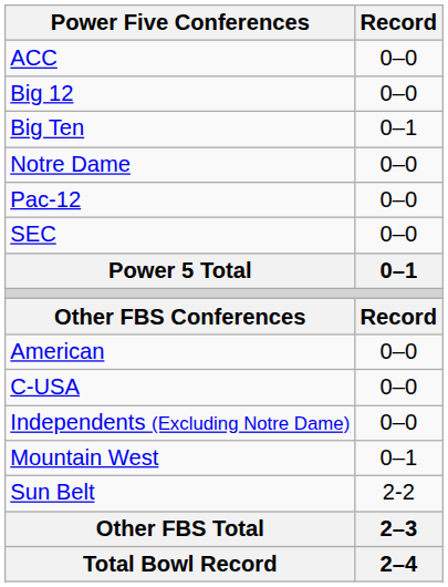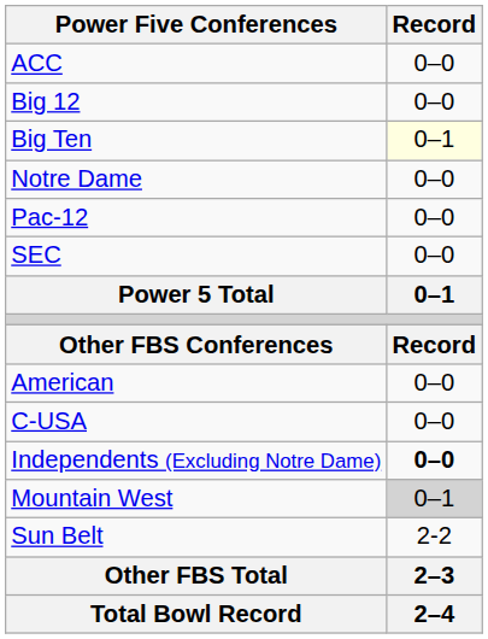 <table class="wikitable">
 <tr>
 <th>Power Five Conferences</th>
 <th>Record</th>
 </tr>
 <tr>
 <td><a href='#'>ACC</a></td>
 <td align=center>0–0</td>
 </tr>
 <tr>
 <td><a href='#'>Big 12</a></td>
 <td align=center>0–0</td>
 </tr>
 <tr>
 <td><a href='#'>Big Ten</a></td>
-<td align=center>0–1</td>
+<td align=center style="background: lightyellow;">0–1</td>
 </tr>
 <tr>
 <td><a href='#'>Notre Dame</a></td>
 <td align=center>0–0</td>
 </tr>
 <tr>
 <td><a href='#'>Pac-12</a></td>
 <td align=center>0–0</td>
 </tr>
 <tr>
 <td><a href='#'>SEC</a></td>
 <td align=center>0–0</td>
 </tr>
 <tr>
 <th>Power 5 Total</th>
 <th>0–1</th>
 </tr>
 <tr>
 <th colspan="2" style="background:lightgrey;"></th>
 </tr>
 <tr>
 <th>Other FBS Conferences</th>
 <th>Record</th>
 </tr>
 <tr>
 <td><a href='#'>American</a></td>
 <td align=center>0–0</td>
 </tr>
 <tr>
 <td><a href='#'>C-USA</a></td>
 <td align=center>0–0</td>
 </tr>
 <tr>
 <td><a href='#'>Independents <small>(Excluding Notre Dame)</small></a></td>
-<td align=center>0–0</td>
+<td align=center><strong>0–0</strong></td>
 </tr>
 <tr>
 <td><a href='#'>Mountain West</a></td>
-<td align=center>0–1</td>
+<td align=center style="background: lightgrey;">0–1</td>
 </tr>
 <tr>
 <td><a href='#'>Sun Belt</a></td>
 <td align=center>2-2</td>
 </tr>
 <tr>
 <th>Other FBS Total</th>
 <th>2–3</th>
 </tr>
 <tr>
 <th>Total Bowl Record</th>
 <th>2–4</th>
 </tr>
 </table>
